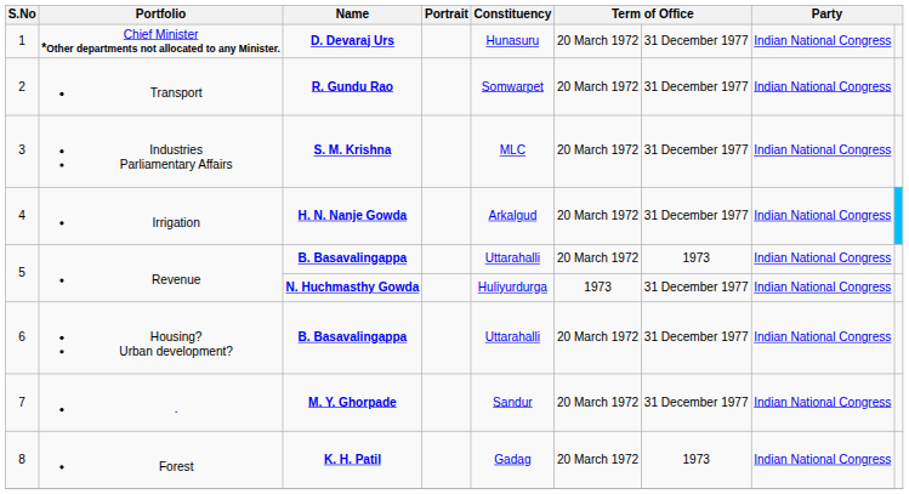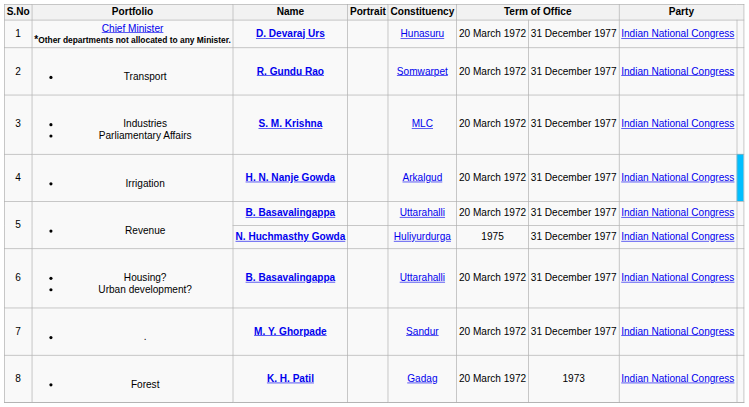 <table class="wikitable sortable" style="text-align:center;">
 <tr>
 <th>S.No</th>
 <th>Portfolio</th>
 <th>Name</th>
 <th>Portrait</th>
 <th>Constituency</th>
 <th colspan="2">Term of Office</th>
 <th colspan="2" scope="col">Party</th>
 </tr>
 <tr>
 <td>1</td>
 <td><a href='#'>Chief Minister</a><br><strong>*<small>Other departments not allocated to any Minister.</small></strong></td>
 <td><strong><a href='#'>D. Devaraj Urs</a></strong><br></td>
 <td></td>
 <td><a href='#'>Hunasuru</a></td>
 <td>20 March 1972</td>
 <td>31 December 1977</td>
 <td><a href='#'>Indian National Congress</a></td>
 <td width="4px" style="background-color: "></td>
 </tr>
 <tr style="text-align:center">
 <td>2</td>
 <td><br><ul><li>Transport</li></ul></td>
 <td><strong><a href='#'>R. Gundu Rao</a></strong></td>
 <td></td>
 <td><a href='#'>Somwarpet</a></td>
 <td>20 March 1972</td>
 <td>31 December 1977</td>
 <td><a href='#'>Indian National Congress</a></td>
 <td width="4px" style="background-color: "></td>
 </tr>
 <tr>
 <td>3</td>
 <td><br><ul><li>Industries</li><li>Parliamentary Affairs</li></ul></td>
 <td><strong><a href='#'>S. M. Krishna</a></strong></td>
 <td></td>
 <td><a href='#'>MLC</a></td>
 <td>20 March 1972</td>
 <td>31 December 1977</td>
 <td><a href='#'>Indian National Congress</a></td>
 <td width="4px" style="background-color: "></td>
 </tr>
 <tr>
 <td>4</td>
 <td><br><ul><li>Irrigation</li></ul></td>
 <td><strong><a href='#'>H. N. Nanje Gowda</a></strong></td>
 <td></td>
 <td><a href='#'>Arkalgud</a></td>
 <td>20 March 1972</td>
 <td>31 December 1977</td>
 <td><a href='#'>Indian National Congress</a></td>
 <td width="4px" bgcolor="#00BFFF"></td>
 </tr>
 <tr>
 <td rowspan="2">5</td>
 <td rowspan="2"><br><ul><li>Revenue</li></ul></td>
 <td><strong><a href='#'>B. Basavalingappa</a></strong></td>
 <td></td>
 <td><a href='#'>Uttarahalli</a></td>
 <td>20 March 1972</td>
-<td>1973</td>
+<td>31 December 1977</td>
 <td><a href='#'>Indian National Congress</a></td>
 <td width="4px" style="background-color: "></td>
 </tr>
 <tr>
 <td><strong><a href='#'>N. Huchmasthy Gowda</a></strong></td>
 <td></td>
 <td><a href='#'>Huliyurdurga</a></td>
-<td>1973</td>
+<td>1975</td>
 <td>31 December 1977</td>
 <td><a href='#'>Indian National Congress</a></td>
 <td width="4px" style="background-color: "></td>
 </tr>
 <tr>
 <td>6</td>
 <td><br><ul><li>Housing?</li><li>Urban development?</li></ul></td>
 <td><strong><a href='#'>B. Basavalingappa</a></strong></td>
 <td></td>
 <td><a href='#'>Uttarahalli</a></td>
 <td>20 March 1972</td>
 <td>31 December 1977</td>
 <td><a href='#'>Indian National Congress</a></td>
 <td width="4px" style="background-color: "></td>
 </tr>
 <tr>
 <td>7</td>
 <td><br><ul><li>.</li></ul></td>
 <td><strong><a href='#'>M. Y. Ghorpade</a></strong></td>
 <td></td>
 <td><a href='#'>Sandur</a></td>
 <td>20 March 1972</td>
 <td>31 December 1977</td>
 <td><a href='#'>Indian National Congress</a></td>
 <td width="4px" style="background-color: "></td>
 </tr>
 <tr>
 <td>8</td>
 <td><br><ul><li>Forest</li></ul></td>
 <td><strong><a href='#'>K. H. Patil</a></strong></td>
 <td></td>
 <td><a href='#'>Gadag</a></td>
 <td>20 March 1972</td>
 <td>1973</td>
 <td><a href='#'>Indian National Congress</a></td>
 <td width="4px" style="background-color: "></td>
 </tr>
 <tr>
 </tr>
 </table>
